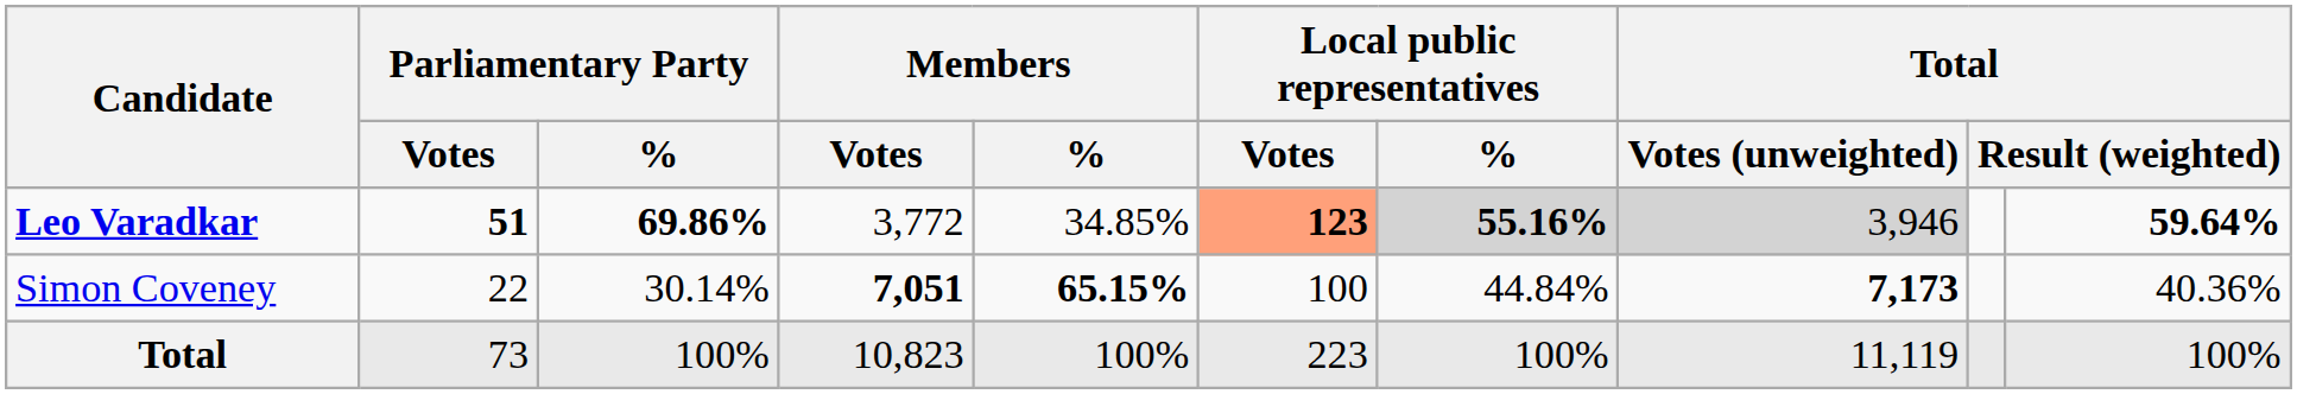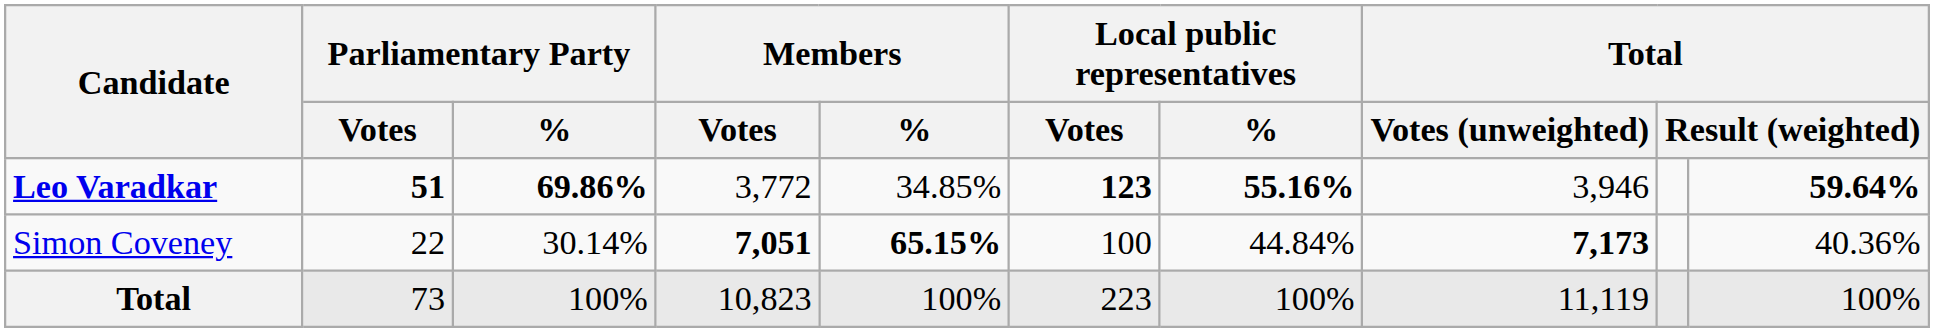 <table class="wikitable" style="font-size: 95%;">
 <tr style="background-color:#E9E9E9">
 <th scope="col" rowspan="2" width="125">Candidate</th>
 <th scope="col" colspan="2" width="150">Parliamentary Party</th>
 <th scope="col" colspan="2" width="150">Members</th>
 <th scope="col" colspan="2" width="150">Local public representatives</th>
 <th scope="col" colspan="3" width="75">Total</th>
 </tr>
 <tr style="background-color:#E9E9E9; ">
 <th>Votes</th>
 <th>%</th>
 <th>Votes</th>
 <th>%</th>
 <th>Votes</th>
 <th>%</th>
 <th>Votes (unweighted)</th>
 <th scope="col" colspan="2">Result (weighted)</th>
 </tr>
 <tr align="right">
 <td scope="row" align="left"><strong><a href='#'>Leo Varadkar</a></strong></td>
 <td><strong>51</strong></td>
 <td><strong>69.86%</strong></td>
 <td>3,772</td>
 <td>34.85%</td>
-<td style="background: lightsalmon;"><strong>123</strong></td>
-<td style="background: lightgrey;"><strong>55.16%</strong></td>
-<td style="background: lightgrey;">3,946</td>
+<td><strong>123</strong></td>
+<td><strong>55.16%</strong></td>
+<td>3,946</td>
 <td align=center></td>
 <td><strong>59.64%</strong></td>
 </tr>
 <tr align="right">
 <td scope="row" align="left"><a href='#'>Simon Coveney</a></td>
 <td>22</td>
 <td>30.14%</td>
 <td><strong>7,051</strong></td>
 <td><strong>65.15%</strong></td>
 <td>100</td>
 <td>44.84%</td>
 <td><strong>7,173</strong></td>
 <td align=center></td>
 <td>40.36%</td>
 </tr>
 <tr style="background-color:#E9E9E9" align="right">
 <th scope="col" width="125">Total</th>
 <td>73</td>
 <td>100%</td>
 <td>10,823</td>
 <td>100%</td>
 <td>223</td>
 <td>100%</td>
 <td>11,119</td>
 <td align=center></td>
 <td>100%</td>
 </tr>
 </table>
